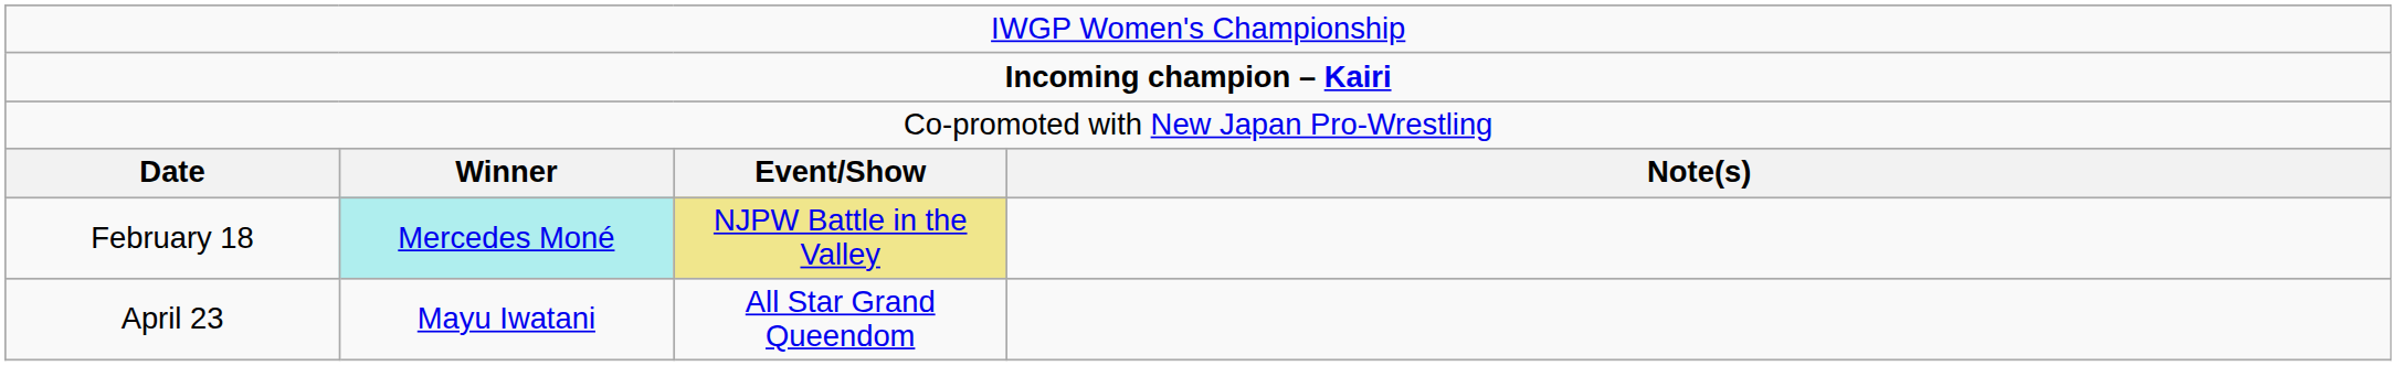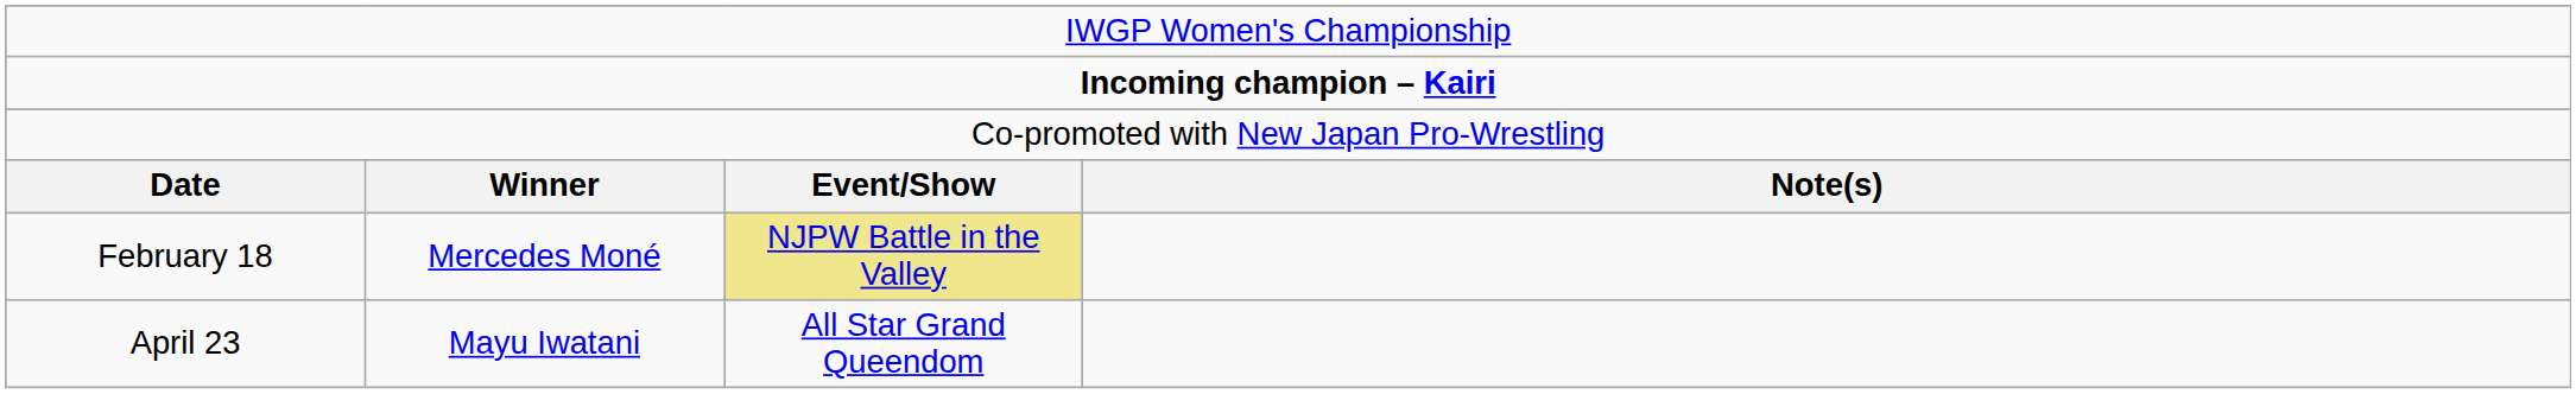 <table class="wikitable" style="text-align:center; width:100%;">
 <tr>
 <td colspan="4" style="text-align: center;"><a href='#'>IWGP Women's Championship</a></td>
 </tr>
 <tr>
 <td colspan="4" style="text-align: center;"><strong>Incoming champion – <a href='#'>Kairi</a></strong></td>
 </tr>
 <tr>
 <td colspan=4>Co-promoted with <a href='#'>New Japan Pro-Wrestling</a></td>
 </tr>
 <tr>
 <th width=14%>Date</th>
 <th width=14%>Winner</th>
 <th width=14%>Event/Show</th>
 <th width=58%>Note(s)</th>
 </tr>
 <tr>
 <td>February 18</td>
-<td style="background: paleturquoise;"><a href='#'>Mercedes Moné</a></td>
+<td><a href='#'>Mercedes Moné</a></td>
 <td style="background: khaki;"><a href='#'>NJPW Battle in the Valley</a></td>
 <td></td>
 </tr>
 <tr>
 <td>April 23</td>
 <td><a href='#'>Mayu Iwatani</a></td>
 <td><a href='#'>All Star Grand Queendom</a></td>
 <td></td>
 </tr>
 </table>
